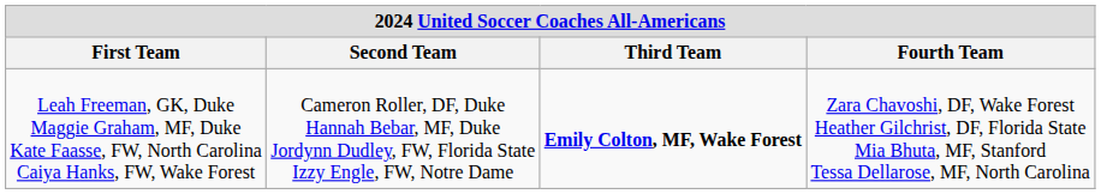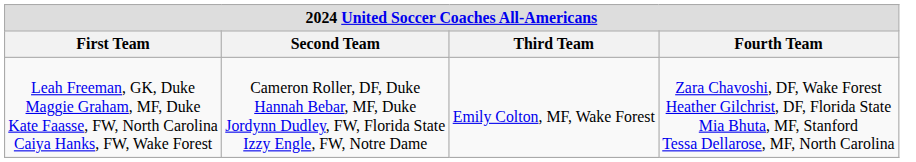 <table class="wikitable" style="white-space:nowrap; text-align:center; font-size:90%;">
 <tr>
 <td colspan="4" style="text-align:center; background:#ddd;"><strong>2024 <a href='#'>United Soccer Coaches All-Americans</a></strong></td>
 </tr>
 <tr>
 <th>First Team</th>
 <th>Second Team</th>
 <th>Third Team</th>
 <th>Fourth Team</th>
 </tr>
 <tr>
 <td align="center"><br><a href='#'>Leah Freeman</a>, GK, Duke<br> <a href='#'>Maggie Graham</a>, MF, Duke<br> <a href='#'>Kate Faasse</a>, FW, North Carolina<br> <a href='#'>Caiya Hanks</a>, FW, Wake Forest</td>
 <td align="center"><br>Cameron Roller, DF, Duke<br> <a href='#'>Hannah Bebar</a>, MF, Duke<br> <a href='#'>Jordynn Dudley</a>, FW, Florida State<br> <a href='#'>Izzy Engle</a>, FW, Notre Dame</td>
-<td align="center"><strong><br><a href='#'>Emily Colton</a>, MF, Wake Forest</strong></td>
+<td align="center"><br><a href='#'>Emily Colton</a>, MF, Wake Forest</td>
 <td align="center"><br><a href='#'>Zara Chavoshi</a>, DF, Wake Forest<br> <a href='#'>Heather Gilchrist</a>, DF, Florida State<br> <a href='#'>Mia Bhuta</a>, MF, Stanford<br> <a href='#'>Tessa Dellarose</a>, MF, North Carolina</td>
 </tr>
 </table>
